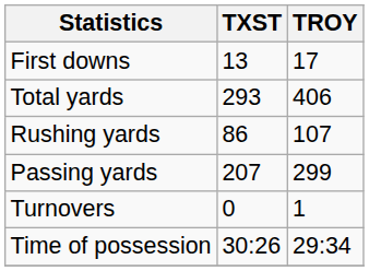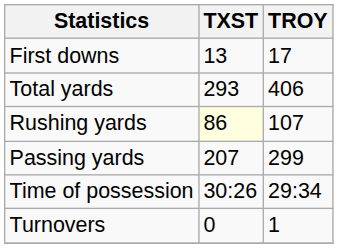 <table class="wikitable">
 <tr>
 <th>Statistics</th>
 <th>TXST</th>
 <th>TROY</th>
 </tr>
 <tr>
 <td>First downs</td>
 <td>13</td>
 <td>17</td>
 </tr>
 <tr>
 <td>Total yards</td>
 <td>293</td>
 <td>406</td>
 </tr>
 <tr>
 <td>Rushing yards</td>
-<td>86</td>
+<td style="background: lightyellow;">86</td>
 <td>107</td>
 </tr>
 <tr>
 <td>Passing yards</td>
 <td>207</td>
 <td>299</td>
 </tr>
 <tr>
+<td>Time of possession</td>
+<td>30:26</td>
+<td>29:34</td>
+</tr>
+<tr>
 <td>Turnovers</td>
 <td>0</td>
 <td>1</td>
 </tr>
 <tr>
-<td>Time of possession</td>
-<td>30:26</td>
-<td>29:34</td>
-</tr>
-<tr>
 </tr>
 </table>
